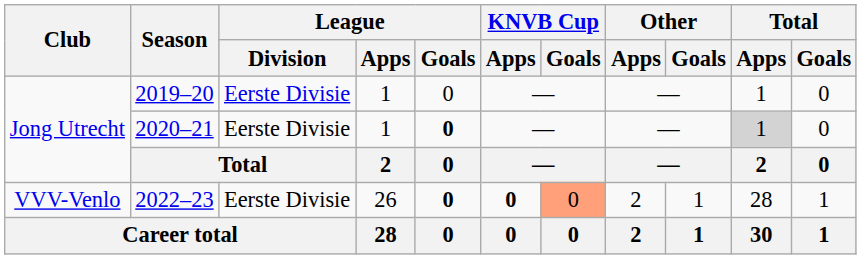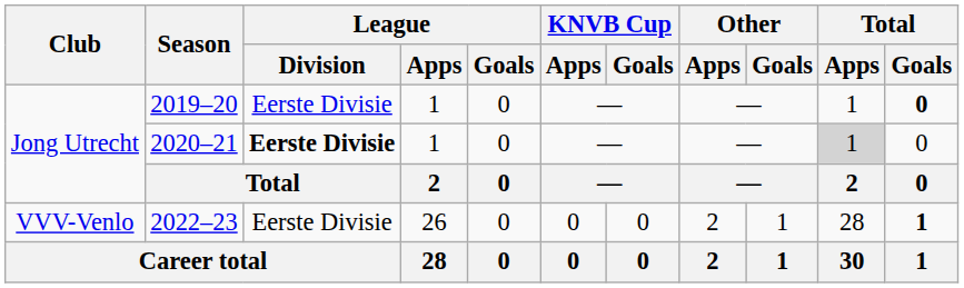 <table class="wikitable" style="text-align:center">
 <tr>
 <th rowspan="2">Club</th>
 <th rowspan="2">Season</th>
 <th colspan="3">League</th>
 <th colspan="2"><a href='#'>KNVB Cup</a></th>
 <th colspan="2">Other</th>
 <th colspan="2">Total</th>
 </tr>
 <tr>
 <th>Division</th>
 <th>Apps</th>
 <th>Goals</th>
 <th>Apps</th>
 <th>Goals</th>
 <th>Apps</th>
 <th>Goals</th>
 <th>Apps</th>
 <th>Goals</th>
 </tr>
 <tr>
 <td rowspan="3"><a href='#'>Jong Utrecht</a></td>
 <td><a href='#'>2019–20</a></td>
 <td><a href='#'>Eerste Divisie</a></td>
 <td>1</td>
 <td>0</td>
 <td colspan="2">—</td>
 <td colspan="2">—</td>
 <td>1</td>
-<td>0</td>
+<td><strong>0</strong></td>
 </tr>
 <tr>
 <td><a href='#'>2020–21</a></td>
-<td>Eerste Divisie</td>
+<td><strong>Eerste Divisie</strong></td>
 <td>1</td>
-<td><strong>0</strong></td>
+<td>0</td>
 <td colspan="2">—</td>
 <td colspan="2">—</td>
 <td style="background: lightgrey;">1</td>
 <td>0</td>
 </tr>
 <tr>
 <th colspan="2">Total</th>
 <th>2</th>
 <th>0</th>
 <th colspan="2">—</th>
 <th colspan="2">—</th>
 <th>2</th>
 <th>0</th>
 </tr>
 <tr>
 <td><a href='#'>VVV-Venlo</a></td>
 <td><a href='#'>2022–23</a></td>
 <td>Eerste Divisie</td>
 <td>26</td>
-<td><strong>0</strong></td>
-<td><strong>0</strong></td>
-<td style="background: lightsalmon;">0</td>
+<td>0</td>
+<td>0</td>
+<td>0</td>
 <td>2</td>
 <td>1</td>
 <td>28</td>
-<td>1</td>
+<td><strong>1</strong></td>
 </tr>
 <tr>
 <th colspan="3">Career total</th>
 <th>28</th>
 <th>0</th>
 <th>0</th>
 <th>0</th>
 <th>2</th>
 <th>1</th>
 <th>30</th>
 <th>1</th>
 </tr>
 </table>
